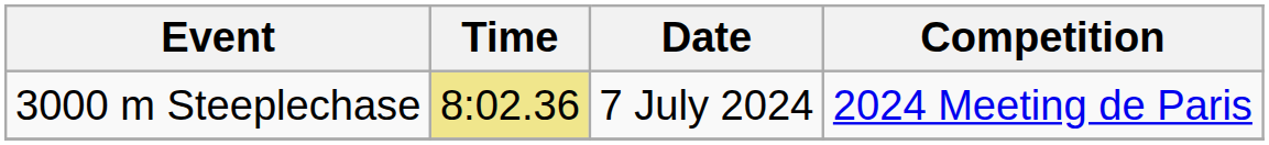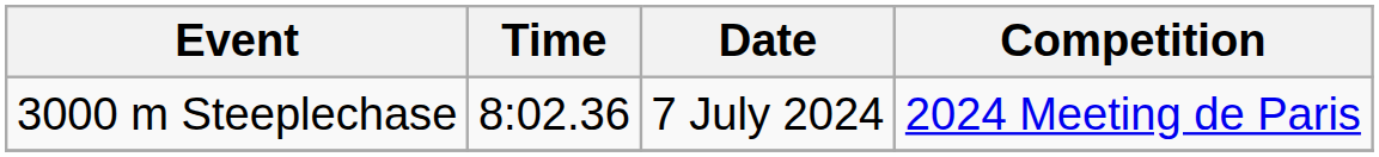 <table class="wikitable">
 <tr>
 <th>Event</th>
 <th>Time</th>
 <th>Date</th>
 <th>Competition</th>
 </tr>
 <tr>
 <td>3000 m Steeplechase</td>
-<td style="background: khaki;">8:02.36</td>
+<td>8:02.36</td>
 <td>7 July 2024</td>
 <td><a href='#'>2024 Meeting de Paris</a></td>
 </tr>
 <tr>
 </tr>
 </table>
